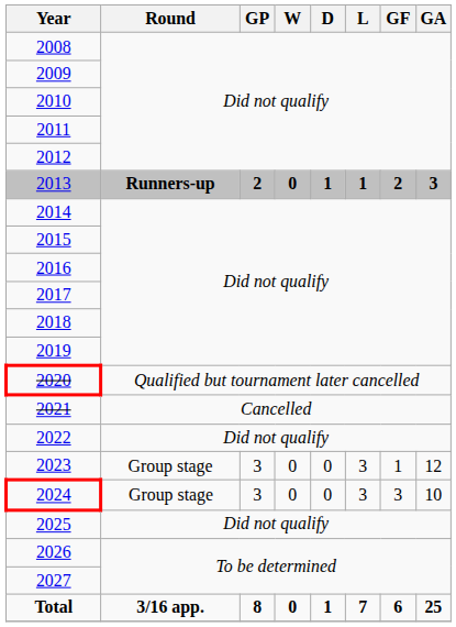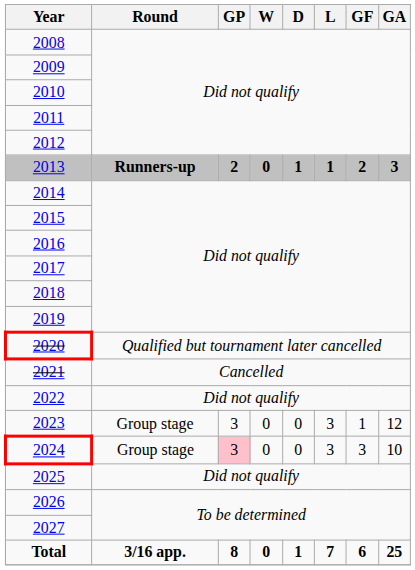 <table class="wikitable" style="text-align: center;">
 <tr>
 <th width=80>Year</th>
 <th width=120>Round</th>
 <th width=25>GP</th>
 <th width=25>W</th>
 <th width=25>D</th>
 <th width=25>L</th>
 <th width=25>GF</th>
 <th width=25>GA</th>
 </tr>
 <tr>
 <td> <a href='#'>2008</a></td>
 <td colspan=7 rowspan=5><em>Did not qualify</em></td>
 </tr>
 <tr>
 <td> <a href='#'>2009</a></td>
 </tr>
 <tr>
 <td> <a href='#'>2010</a></td>
 </tr>
 <tr>
 <td> <a href='#'>2011</a></td>
 </tr>
 <tr>
 <td> <a href='#'>2012</a></td>
 </tr>
 <tr bgcolor=silver>
 <td> <a href='#'>2013</a></td>
 <td><strong>Runners-up</strong></td>
 <td><strong>2</strong></td>
 <td><strong>0</strong></td>
 <td><strong>1</strong></td>
 <td><strong>1</strong></td>
 <td><strong>2</strong></td>
 <td><strong>3</strong></td>
 </tr>
 <tr>
 <td> <a href='#'>2014</a></td>
 <td colspan=7 rowspan=6><em>Did not qualify</em></td>
 </tr>
 <tr>
 <td> <a href='#'>2015</a></td>
 </tr>
 <tr>
 <td> <a href='#'>2016</a></td>
 </tr>
 <tr>
 <td> <a href='#'>2017</a></td>
 </tr>
 <tr>
 <td> <a href='#'>2018</a></td>
 </tr>
 <tr>
 <td> <a href='#'>2019</a></td>
 </tr>
 <tr>
 <td style="border: 3px solid red"> <s><a href='#'>2020</a></s></td>
 <td colspan=7><em>Qualified but tournament later cancelled</em></td>
 </tr>
 <tr>
 <td> <s><a href='#'>2021</a></s></td>
 <td colspan=7><em>Cancelled</em></td>
 </tr>
 <tr>
 <td> <a href='#'>2022</a></td>
 <td colspan=7><em>Did not qualify</em></td>
 </tr>
 <tr>
 <td> <a href='#'>2023</a></td>
 <td>Group stage</td>
 <td>3</td>
 <td>0</td>
 <td>0</td>
 <td>3</td>
 <td>1</td>
 <td>12</td>
 </tr>
 <tr>
 <td style="border:3px solid red"> <a href='#'>2024</a></td>
 <td>Group stage</td>
-<td>3</td>
+<td style="background: pink;">3</td>
 <td>0</td>
 <td>0</td>
 <td>3</td>
 <td>3</td>
 <td>10</td>
 </tr>
 <tr>
 <td> <a href='#'>2025</a></td>
 <td colspan=7><em>Did not qualify</em></td>
 </tr>
 <tr>
 <td> <a href='#'>2026</a></td>
 <td colspan=7 rowspan=2><em>To be determined</em></td>
 </tr>
 <tr>
 <td> <a href='#'>2027</a></td>
 </tr>
 <tr>
 <td><strong>Total</strong></td>
 <td><strong>3/16 app.</strong></td>
 <td><strong>8</strong></td>
 <td><strong>0</strong></td>
 <td><strong>1</strong></td>
 <td><strong>7</strong></td>
 <td><strong>6</strong></td>
 <td><strong>25</strong></td>
 </tr>
 <tr>
 </tr>
 </table>
